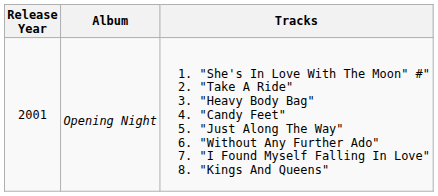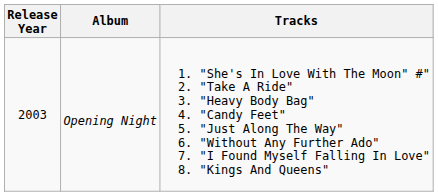 <table class="wikitable" style="text-align:center">
 <tr bgcolor="#CCCCCC">
 <th>Release<br>Year</th>
 <th>Album</th>
 <th>Tracks</th>
 </tr>
 <tr>
-<td>2001</td>
+<td>2003</td>
 <td><br><em>Opening Night</em></td>
 <td align="left"><br><ol><li>"She's In Love With The Moon" #"</li><li>"Take A Ride"</li><li>"Heavy Body Bag"</li><li>"Candy Feet"</li><li>"Just Along The Way"</li><li>"Without Any Further Ado"</li><li>"I Found Myself Falling In Love"</li><li>"Kings And Queens"</li></ol></td>
 </tr>
 </table>
